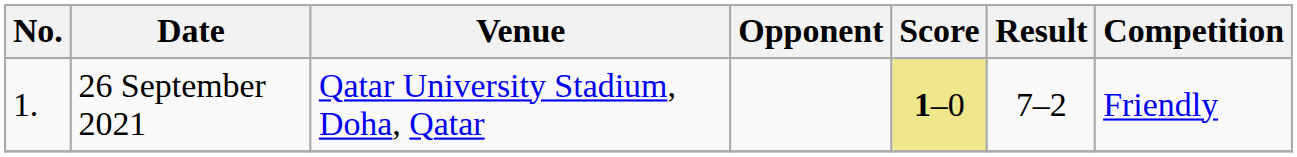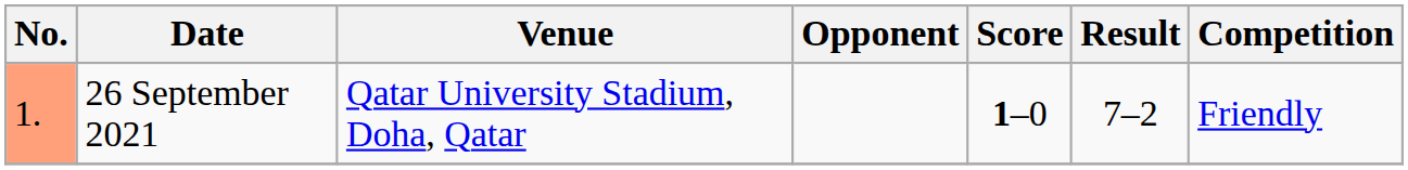 <table class="wikitable">
 <tr>
 <th>No.</th>
 <th>Date</th>
 <th>Venue</th>
 <th>Opponent</th>
 <th>Score</th>
 <th>Result</th>
 <th>Competition</th>
 </tr>
 <tr>
-<td>1.</td>
+<td style="background: lightsalmon;">1.</td>
 <td>26 September 2021</td>
 <td><a href='#'>Qatar University Stadium</a>, <a href='#'>Doha</a>, <a href='#'>Qatar</a></td>
 <td></td>
-<td align=center style="background: khaki;"><strong>1</strong>–0</td>
+<td align=center><strong>1</strong>–0</td>
 <td align=center>7–2</td>
 <td><a href='#'>Friendly</a></td>
 </tr>
 <tr>
 </tr>
 </table>
